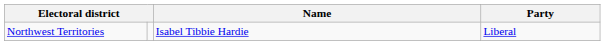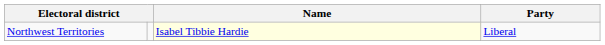 <table class="wikitable" width=95%>
 <tr>
 <th colspan=2 width=25%>Electoral district</th>
 <th>Name</th>
 <th width=20%>Party</th>
 </tr>
 <tr>
 <td width=24%><a href='#'>Northwest Territories</a></td>
 <td></td>
-<td><a href='#'>Isabel Tibbie Hardie</a></td>
+<td style="background: lightyellow;"><a href='#'>Isabel Tibbie Hardie</a></td>
 <td><a href='#'>Liberal</a></td>
 </tr>
 </table>
